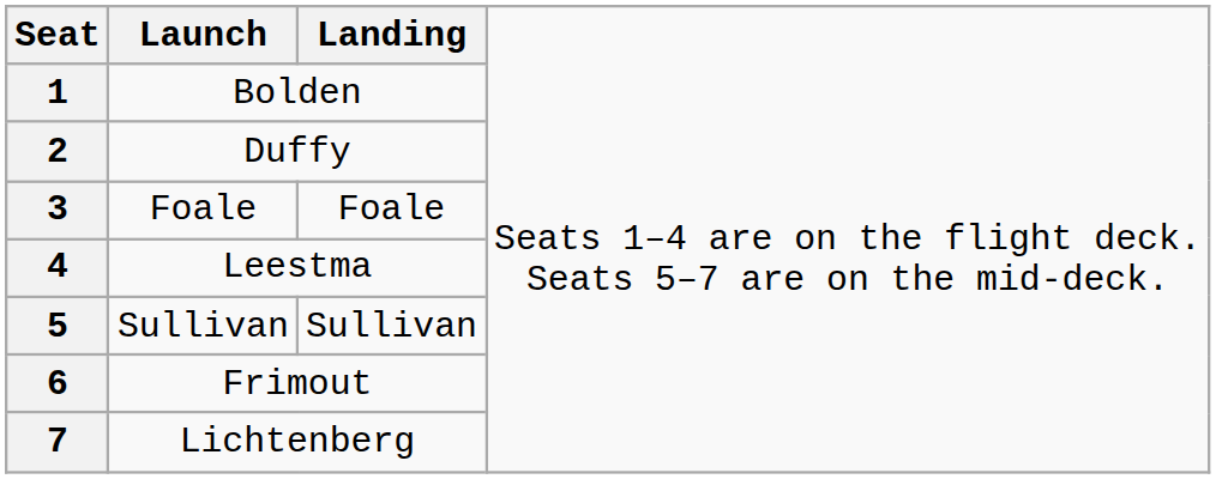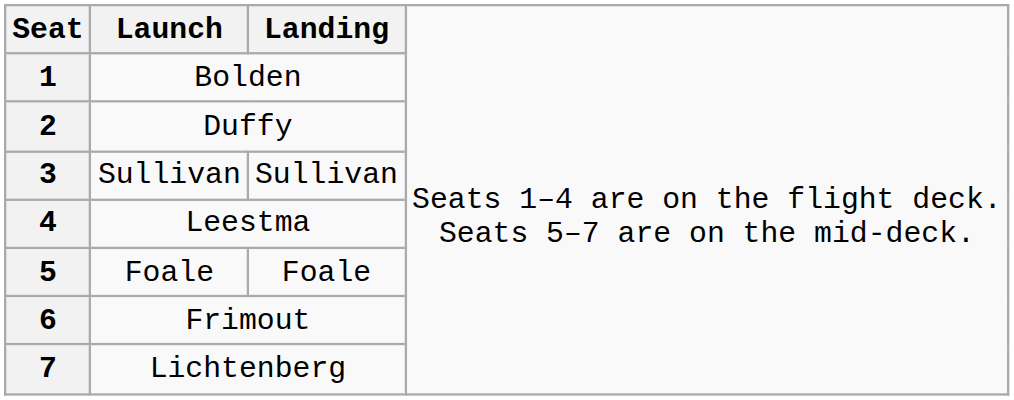 <table class="wikitable" style="text-align:center">
 <tr>
 <th>Seat</th>
 <th>Launch</th>
 <th>Landing</th>
 <td rowspan=8><br>Seats 1–4 are on the flight deck.<br>Seats 5–7 are on the mid-deck.</td>
 </tr>
 <tr>
 <th>1</th>
 <td colspan=2>Bolden</td>
 </tr>
 <tr>
 <th>2</th>
 <td colspan=2>Duffy</td>
 </tr>
 <tr>
 <th>3</th>
-<td>Foale</td>
-<td>Foale</td>
+<td>Sullivan</td>
+<td>Sullivan</td>
 </tr>
 <tr>
 <th>4</th>
 <td colspan=2>Leestma</td>
 </tr>
 <tr>
 <th>5</th>
-<td>Sullivan</td>
-<td>Sullivan</td>
+<td>Foale</td>
+<td>Foale</td>
 </tr>
 <tr>
 <th>6</th>
 <td colspan=2>Frimout</td>
 </tr>
 <tr>
 <th>7</th>
 <td colspan=2>Lichtenberg</td>
 </tr>
 </table>
